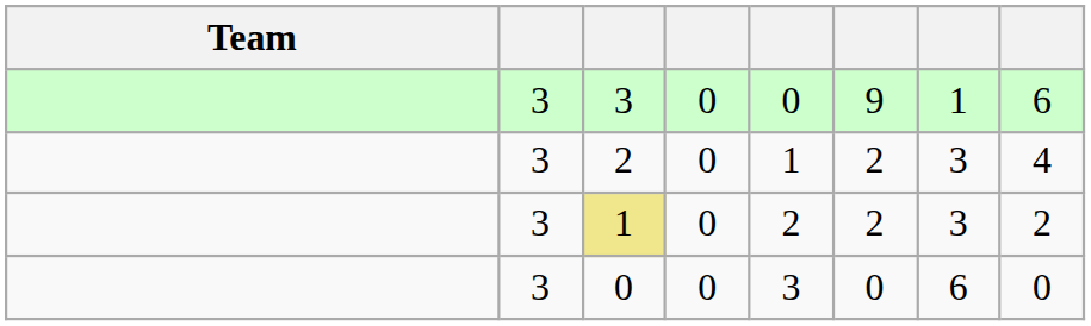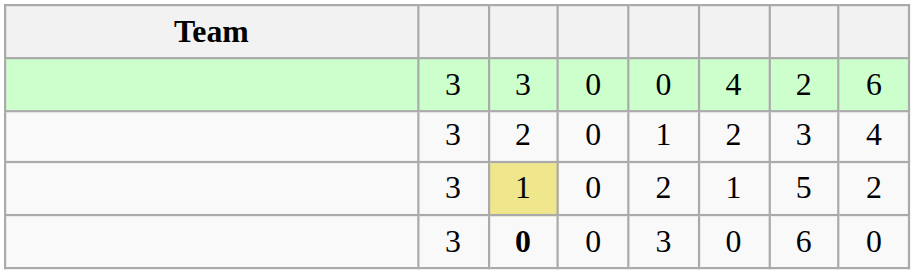 <table class="wikitable" style="text-align: center; font-size: 90%;">
 <tr>
 <th width=180>Team</th>
 <th width=25></th>
 <th width=25></th>
 <th width=25></th>
 <th width=25></th>
 <th width=25></th>
 <th width=25></th>
 <th width=25></th>
 </tr>
 <tr bgcolor=#ccffcc>
 <td align=left></td>
 <td>3</td>
 <td>3</td>
 <td>0</td>
 <td>0</td>
-<td>9</td>
-<td>1</td>
+<td>4</td>
+<td>2</td>
 <td>6</td>
 </tr>
 <tr>
 <td align=left></td>
 <td>3</td>
 <td>2</td>
 <td>0</td>
 <td>1</td>
 <td>2</td>
 <td>3</td>
 <td>4</td>
 </tr>
 <tr>
 <td align=left></td>
 <td>3</td>
 <td style="background: khaki;">1</td>
 <td>0</td>
 <td>2</td>
-<td>2</td>
-<td>3</td>
+<td>1</td>
+<td>5</td>
 <td>2</td>
 </tr>
 <tr>
 <td align=left></td>
 <td>3</td>
-<td>0</td>
+<td><strong>0</strong></td>
 <td>0</td>
 <td>3</td>
 <td>0</td>
 <td>6</td>
 <td>0</td>
 </tr>
 </table>
